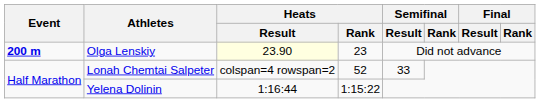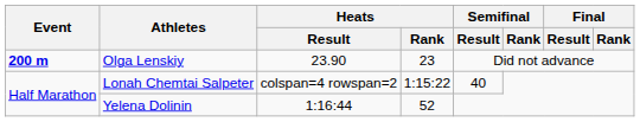 <table class="wikitable" border="1" style="font-size:90%">
 <tr>
 <th rowspan=2>Event</th>
 <th rowspan=2>Athletes</th>
 <th colspan=2>Heats</th>
 <th colspan=2>Semifinal</th>
 <th colspan=2>Final</th>
 </tr>
 <tr>
 <th>Result</th>
 <th>Rank</th>
 <th>Result</th>
 <th>Rank</th>
 <th>Result</th>
 <th>Rank</th>
 </tr>
 <tr>
 <td><strong><a href='#'>200 m</a></strong></td>
 <td><a href='#'>Olga Lenskiy</a></td>
-<td align=center style="background: lightyellow;">23.90</td>
+<td align=center>23.90</td>
 <td align=center>23</td>
 <td colspan="4" align="center">Did not advance</td>
 </tr>
 <tr>
 <td rowspan=2><a href='#'>Half Marathon</a></td>
 <td><a href='#'>Lonah Chemtai Salpeter</a></td>
 <td>colspan=4 rowspan=2 </td>
-<td align=center>52</td>
-<td align=center>33</td>
+<td align=center>1:15:22</td>
+<td align=center>40</td>
 </tr>
 <tr>
 <td><a href='#'>Yelena Dolinin</a></td>
 <td align=center>1:16:44 <strong></strong></td>
-<td align=center>1:15:22</td>
+<td align=center>52</td>
 </tr>
 </table>
